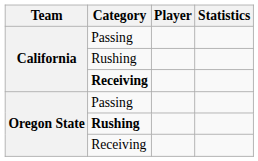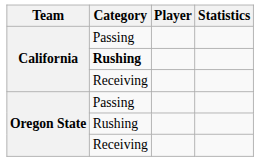 <table class="wikitable" style="float:right">
 <tr>
 <th>Team</th>
 <th>Category</th>
 <th>Player</th>
 <th>Statistics</th>
 </tr>
 <tr>
 <th rowspan=3>California</th>
 <td>Passing</td>
 <td></td>
 <td></td>
 </tr>
 <tr>
-<td>Rushing</td>
+<td><strong>Rushing</strong></td>
 <td></td>
 <td></td>
 </tr>
 <tr>
-<td><strong>Receiving</strong></td>
+<td>Receiving</td>
 <td></td>
 <td></td>
 </tr>
 <tr>
 <th rowspan=3>Oregon State</th>
 <td>Passing</td>
 <td></td>
 <td></td>
 </tr>
 <tr>
-<td><strong>Rushing</strong></td>
+<td>Rushing</td>
 <td></td>
 <td></td>
 </tr>
 <tr>
 <td>Receiving</td>
 <td></td>
 <td></td>
 </tr>
 </table>
